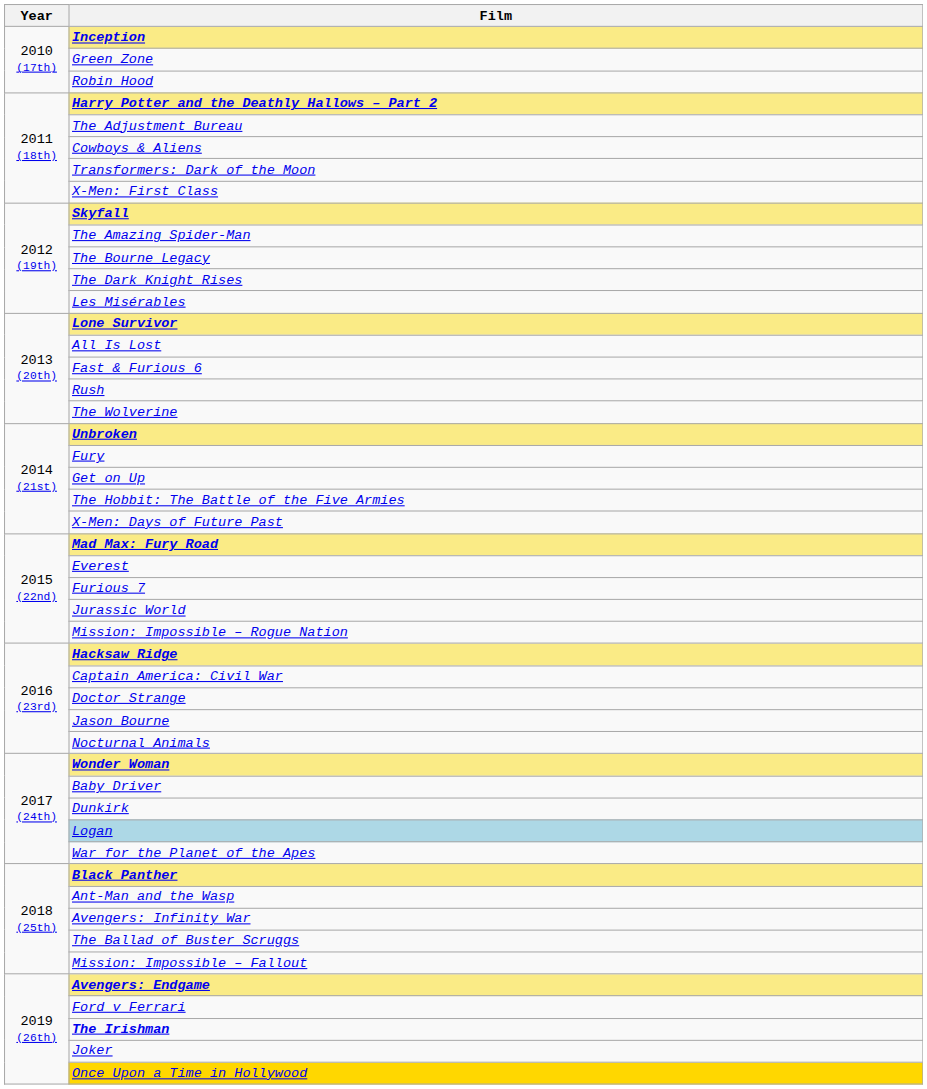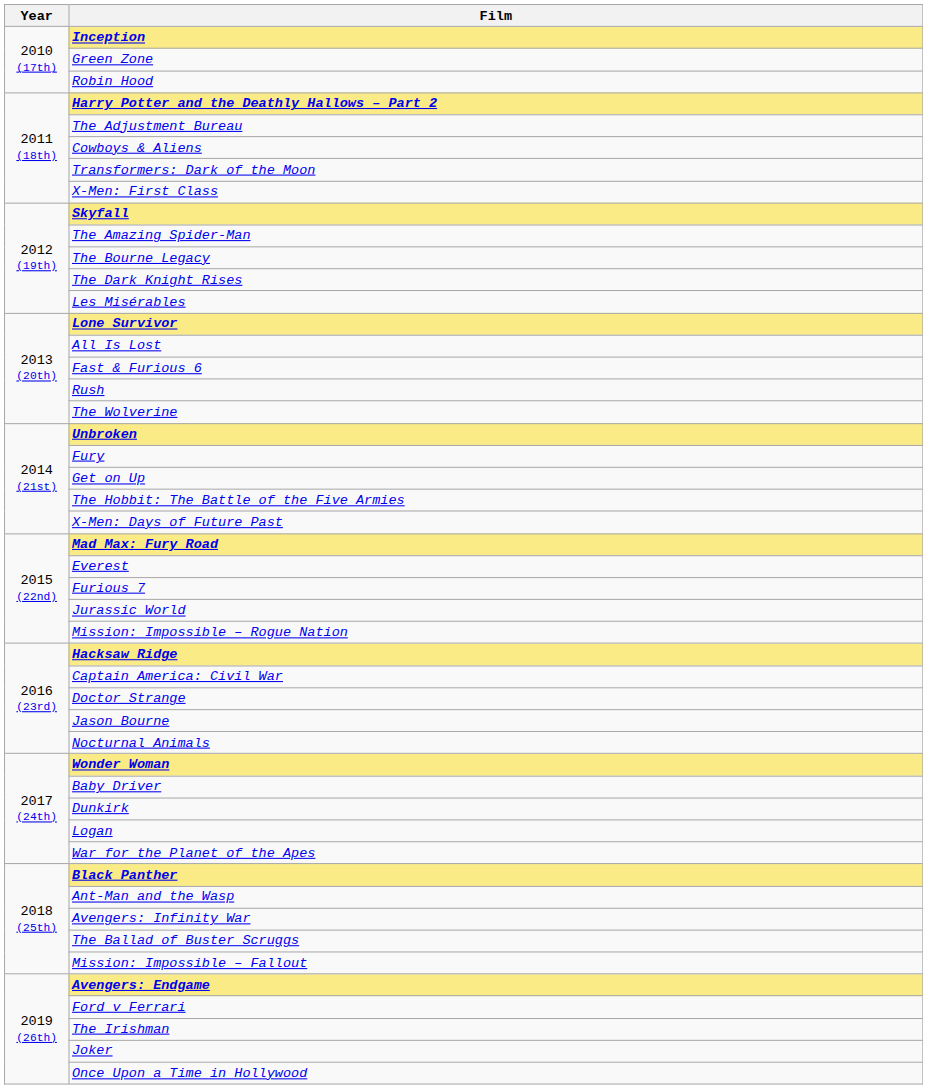 <table class="wikitable" width="100%" cellpadding="5">
 <tr>
 <th width="7%">Year</th>
 <th width="93%">Film</th>
 </tr>
 <tr>
 <td rowspan="3" align="center">2010<br><small><a href='#'>(17th)</a> </small></td>
 <td style="background:#FAEB86;"><strong><em><a href='#'>Inception</a></em></strong></td>
 </tr>
 <tr>
 <td><em><a href='#'>Green Zone</a></em></td>
 </tr>
 <tr>
 <td><em><a href='#'>Robin Hood</a></em></td>
 </tr>
 <tr>
 <td rowspan="5" align="center">2011<br><small><a href='#'>(18th)</a> </small></td>
 <td style="background:#FAEB86;"><strong><em><a href='#'>Harry Potter and the Deathly Hallows – Part 2</a></em></strong></td>
 </tr>
 <tr>
 <td><em><a href='#'>The Adjustment Bureau</a></em></td>
 </tr>
 <tr>
 <td><em><a href='#'>Cowboys & Aliens</a></em></td>
 </tr>
 <tr>
 <td><em><a href='#'>Transformers: Dark of the Moon</a></em></td>
 </tr>
 <tr>
 <td><em><a href='#'>X-Men: First Class</a></em></td>
 </tr>
 <tr>
 <td rowspan="5" align="center">2012<br><small><a href='#'>(19th)</a> </small></td>
 <td style="background:#FAEB86;"><strong><em><a href='#'>Skyfall</a></em></strong></td>
 </tr>
 <tr>
 <td><em><a href='#'>The Amazing Spider-Man</a></em></td>
 </tr>
 <tr>
 <td><em><a href='#'>The Bourne Legacy</a></em></td>
 </tr>
 <tr>
 <td><em><a href='#'>The Dark Knight Rises</a></em></td>
 </tr>
 <tr>
 <td><em><a href='#'>Les Misérables</a></em></td>
 </tr>
 <tr>
 <td rowspan="5" align="center">2013<br><small><a href='#'>(20th)</a> </small></td>
 <td style="background:#FAEB86;"><strong><em><a href='#'>Lone Survivor</a></em></strong></td>
 </tr>
 <tr>
 <td><em><a href='#'>All Is Lost</a></em></td>
 </tr>
 <tr>
 <td><em><a href='#'>Fast & Furious 6</a></em></td>
 </tr>
 <tr>
 <td><em><a href='#'>Rush</a></em></td>
 </tr>
 <tr>
 <td><em><a href='#'>The Wolverine</a></em></td>
 </tr>
 <tr>
 <td rowspan="5" align="center">2014<br><small><a href='#'>(21st)</a> </small></td>
 <td style="background:#FAEB86;"><strong><em><a href='#'>Unbroken</a></em></strong></td>
 </tr>
 <tr>
 <td><em><a href='#'>Fury</a></em></td>
 </tr>
 <tr>
 <td><em><a href='#'>Get on Up</a></em></td>
 </tr>
 <tr>
 <td><em><a href='#'>The Hobbit: The Battle of the Five Armies</a></em></td>
 </tr>
 <tr>
 <td><em><a href='#'>X-Men: Days of Future Past</a></em></td>
 </tr>
 <tr>
 <td rowspan="5" align="center">2015<br><small><a href='#'>(22nd)</a> </small></td>
 <td style="background:#FAEB86;"><strong><em><a href='#'>Mad Max: Fury Road</a></em></strong></td>
 </tr>
 <tr>
 <td><em><a href='#'>Everest</a></em></td>
 </tr>
 <tr>
 <td><em><a href='#'>Furious 7</a></em></td>
 </tr>
 <tr>
 <td><em><a href='#'>Jurassic World</a></em></td>
 </tr>
 <tr>
 <td><em><a href='#'>Mission: Impossible – Rogue Nation</a></em></td>
 </tr>
 <tr>
 <td rowspan="5" align="center">2016<br><small><a href='#'>(23rd)</a> </small></td>
 <td style="background:#FAEB86;"><strong><em><a href='#'>Hacksaw Ridge</a></em></strong></td>
 </tr>
 <tr>
 <td><em><a href='#'>Captain America: Civil War</a></em></td>
 </tr>
 <tr>
 <td><em><a href='#'>Doctor Strange</a></em></td>
 </tr>
 <tr>
 <td><em><a href='#'>Jason Bourne</a></em></td>
 </tr>
 <tr>
 <td><em><a href='#'>Nocturnal Animals</a></em></td>
 </tr>
 <tr>
 <td rowspan="5" align="center">2017<br><small><a href='#'>(24th)</a> </small></td>
 <td style="background:#FAEB86;"><strong><em><a href='#'>Wonder Woman</a></em></strong></td>
 </tr>
 <tr>
 <td><em><a href='#'>Baby Driver</a></em></td>
 </tr>
 <tr>
 <td><em><a href='#'>Dunkirk</a></em></td>
 </tr>
 <tr>
-<td style="background: lightblue;"><em><a href='#'>Logan</a></em></td>
+<td><em><a href='#'>Logan</a></em></td>
 </tr>
 <tr>
 <td><em><a href='#'>War for the Planet of the Apes</a></em></td>
 </tr>
 <tr>
 <td rowspan="5" align="center">2018<br><small><a href='#'>(25th)</a> </small></td>
 <td style="background:#FAEB86;"><strong><em><a href='#'>Black Panther</a></em></strong></td>
 </tr>
 <tr>
 <td><em><a href='#'>Ant-Man and the Wasp</a></em></td>
 </tr>
 <tr>
 <td><em><a href='#'>Avengers: Infinity War</a></em></td>
 </tr>
 <tr>
 <td><em><a href='#'>The Ballad of Buster Scruggs</a></em></td>
 </tr>
 <tr>
 <td><em><a href='#'>Mission: Impossible – Fallout</a></em></td>
 </tr>
 <tr>
 <td rowspan="5" align="center">2019<br><small><a href='#'>(26th)</a> </small></td>
 <td style="background:#FAEB86;"><strong><em><a href='#'>Avengers: Endgame</a></em></strong></td>
 </tr>
 <tr>
 <td><em><a href='#'>Ford v Ferrari</a></em></td>
 </tr>
 <tr>
-<td><strong><em><a href='#'>The Irishman</a></em></strong></td>
+<td><em><a href='#'>The Irishman</a></em></td>
 </tr>
 <tr>
 <td><em><a href='#'>Joker</a></em></td>
 </tr>
 <tr>
-<td style="background: gold;"><em><a href='#'>Once Upon a Time in Hollywood</a></em></td>
+<td><em><a href='#'>Once Upon a Time in Hollywood</a></em></td>
 </tr>
 </table>
